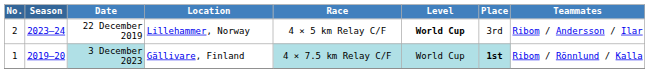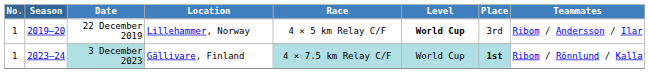 <table class="wikitable sortable" style="font-size:95%; text-align:center; border:grey solid 1px; border-collapse:collapse; background:#ffffff;">
 <tr style="background:#efefef;">
 <th style="background-color:#369; color:white;">No.</th>
 <th style="background-color:#369; color:white;">Season</th>
 <th style="background-color:#4180be; color:white; width:100px;">Date</th>
 <th style="background-color:#4180be; color:white; width:170px;">Location</th>
 <th style="background-color:#4180be; color:white; width:170px;">Race</th>
 <th style="background-color:#4180be; color:white; width:100px;">Level</th>
 <th style="background-color:#4180be; color:white;">Place</th>
 <th style="background-color:#4180be; color:white;">Teammates</th>
 </tr>
 <tr>
-<td align=center>2</td>
-<td rowspan=1 align=center><a href='#'>2023–24</a></td>
+<td align=center>1</td>
+<td rowspan=1 align=center><a href='#'>2019–20</a></td>
 <td bgcolor="#FFFFFF" align=right>22 December 2019</td>
 <td align=left> <a href='#'>Lillehammer</a>, Norway</td>
 <td>4 × 5 km Relay C/F</td>
 <td><strong>World Cup</strong></td>
 <td>3rd</td>
 <td><a href='#'>Ribom</a> / <a href='#'>Andersson</a> / <a href='#'>Ilar</a></td>
 </tr>
 <tr>
 <td align=center>1</td>
-<td rowspan=1 align=center><a href='#'>2019–20</a></td>
+<td rowspan=1 align=center><a href='#'>2023–24</a></td>
 <td bgcolor="#BOEOE6" align=right>3 December 2023</td>
 <td align=left> <a href='#'>Gällivare</a>, Finland</td>
 <td bgcolor="#BOEOE6">4 × 7.5 km Relay C/F</td>
 <td bgcolor="#BOEOE6">World Cup</td>
 <td bgcolor="#BOEOE6"><strong>1st</strong></td>
 <td><a href='#'>Ribom</a> / <a href='#'>Rönnlund</a> / <a href='#'>Kalla</a></td>
 </tr>
 <tr>
 </tr>
 </table>
